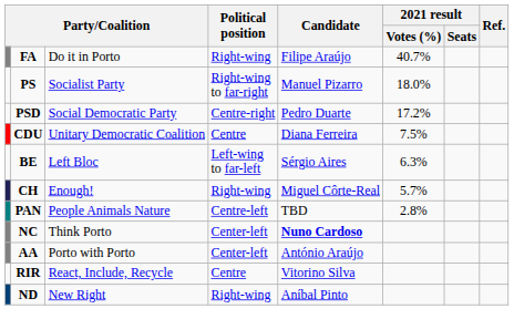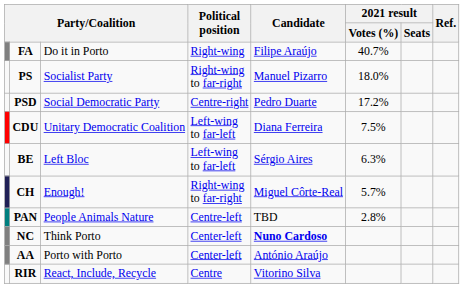 <table class="wikitable">
 <tr>
 <th rowspan="2" colspan="3">Party/Coalition</th>
 <th rowspan="2">Political<br>position</th>
 <th rowspan="2">Candidate</th>
 <th colspan="2">2021 result</th>
 <th rowspan="2">Ref.</th>
 </tr>
 <tr>
 <th>Votes (%)</th>
 <th>Seats</th>
 </tr>
 <tr>
 <td style="background:gray;"></td>
 <td style="text-align:center;"><strong>FA</strong></td>
 <td>Do it in Porto<br></td>
 <td><a href='#'>Right-wing</a></td>
 <td><a href='#'>Filipe Araújo</a></td>
 <td style="text-align:center;">40.7%</td>
 <td></td>
 <td></td>
 </tr>
 <tr>
 <td style="color:inherit;background:"></td>
 <td style="text-align:center;"><strong>PS</strong></td>
 <td><a href='#'>Socialist Party</a><br></td>
 <td><a href='#'>Right-wing</a><br>to <a href='#'>far-right</a></td>
 <td><a href='#'>Manuel Pizarro</a></td>
 <td style="text-align:center;">18.0%</td>
 <td></td>
 <td></td>
 </tr>
 <tr>
 <td style="color:inherit;background:"></td>
 <td style="text-align:center;"><strong>PSD</strong></td>
 <td><a href='#'>Social Democratic Party</a><br></td>
 <td><a href='#'>Centre-right</a></td>
 <td><a href='#'>Pedro Duarte</a></td>
 <td style="text-align:center;">17.2%</td>
 <td></td>
 <td></td>
 </tr>
 <tr>
 <td style="background:#f00;"></td>
 <td style="text-align:center;"><strong>CDU</strong></td>
 <td><a href='#'>Unitary Democratic Coalition</a><br> </td>
-<td><a href='#'>Centre</a></td>
+<td><a href='#'>Left-wing</a><br>to <a href='#'>far-left</a></td>
 <td><a href='#'>Diana Ferreira</a></td>
 <td style="text-align:center;">7.5%</td>
 <td></td>
 <td></td>
 </tr>
 <tr>
 <td style="color:inherit;background:"></td>
 <td style="text-align:center;"><strong>BE</strong></td>
 <td><a href='#'>Left Bloc</a><br></td>
 <td><a href='#'>Left-wing</a><br>to <a href='#'>far-left</a></td>
 <td><a href='#'>Sérgio Aires</a></td>
 <td style="text-align:center;">6.3%</td>
 <td></td>
 <td></td>
 </tr>
 <tr>
 <td style="background:#202056;"></td>
 <td style="text-align:center;"><strong>CH</strong></td>
 <td><a href='#'>Enough!</a><br></td>
-<td><a href='#'>Right-wing</a></td>
+<td><a href='#'>Right-wing</a><br>to <a href='#'>far-right</a></td>
 <td><a href='#'>Miguel Côrte-Real</a></td>
 <td style="text-align:center;">5.7%</td>
 <td></td>
 <td></td>
 </tr>
 <tr>
 <td style="background:teal;"></td>
 <td style="text-align:center;"><strong>PAN</strong></td>
 <td><a href='#'>People Animals Nature</a><br></td>
 <td><a href='#'>Centre-left</a></td>
 <td>TBD</td>
 <td style="text-align:center;">2.8%</td>
 <td></td>
 <td></td>
 </tr>
 <tr>
 <td style="background:gray;"></td>
 <td style="text-align:center;"><strong>NC</strong></td>
 <td>Think Porto<br></td>
 <td><a href='#'>Center-left</a></td>
 <td><strong><a href='#'>Nuno Cardoso</a></strong></td>
 <td></td>
 <td></td>
 <td></td>
 </tr>
 <tr>
 <td style="background:gray;"></td>
 <td style="text-align:center;"><strong>AA</strong></td>
 <td>Porto with Porto<br></td>
 <td><a href='#'>Center-left</a></td>
 <td><a href='#'>António Araújo</a></td>
 <td></td>
 <td></td>
 <td></td>
 </tr>
 <tr>
 <td style="background:"></td>
 <td style="text-align:center;"><strong>RIR</strong></td>
 <td><a href='#'>React, Include, Recycle</a><br></td>
 <td><a href='#'>Centre</a></td>
 <td><a href='#'>Vitorino Silva</a></td>
 <td></td>
 <td></td>
 <td></td>
 </tr>
-<tr>
-<td style="background:#003F75;"></td>
-<td style="text-align:center;"><strong>ND</strong></td>
-<td><a href='#'>New Right</a><br></td>
-<td><a href='#'>Right-wing</a></td>
-<td><a href='#'>Aníbal Pinto</a></td>
-<td></td>
-<td></td>
-<td></td>
-</tr>
 </table>
